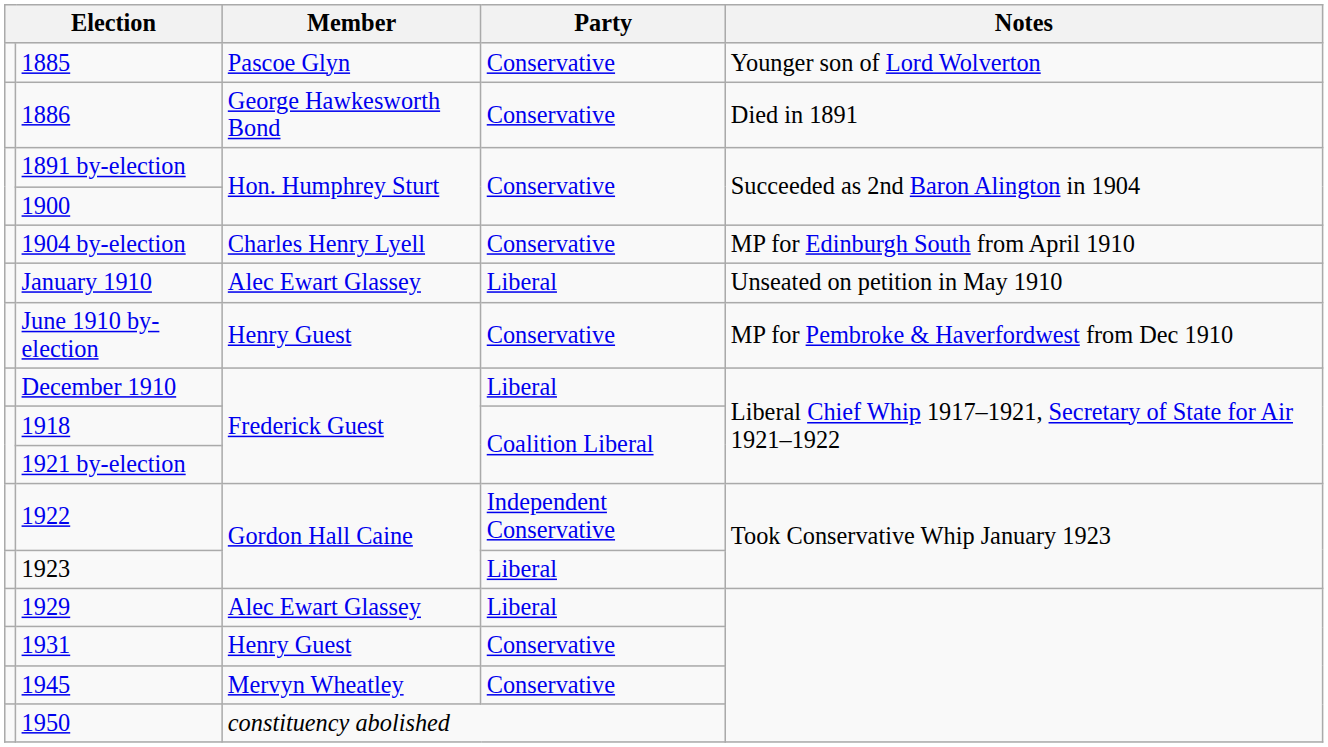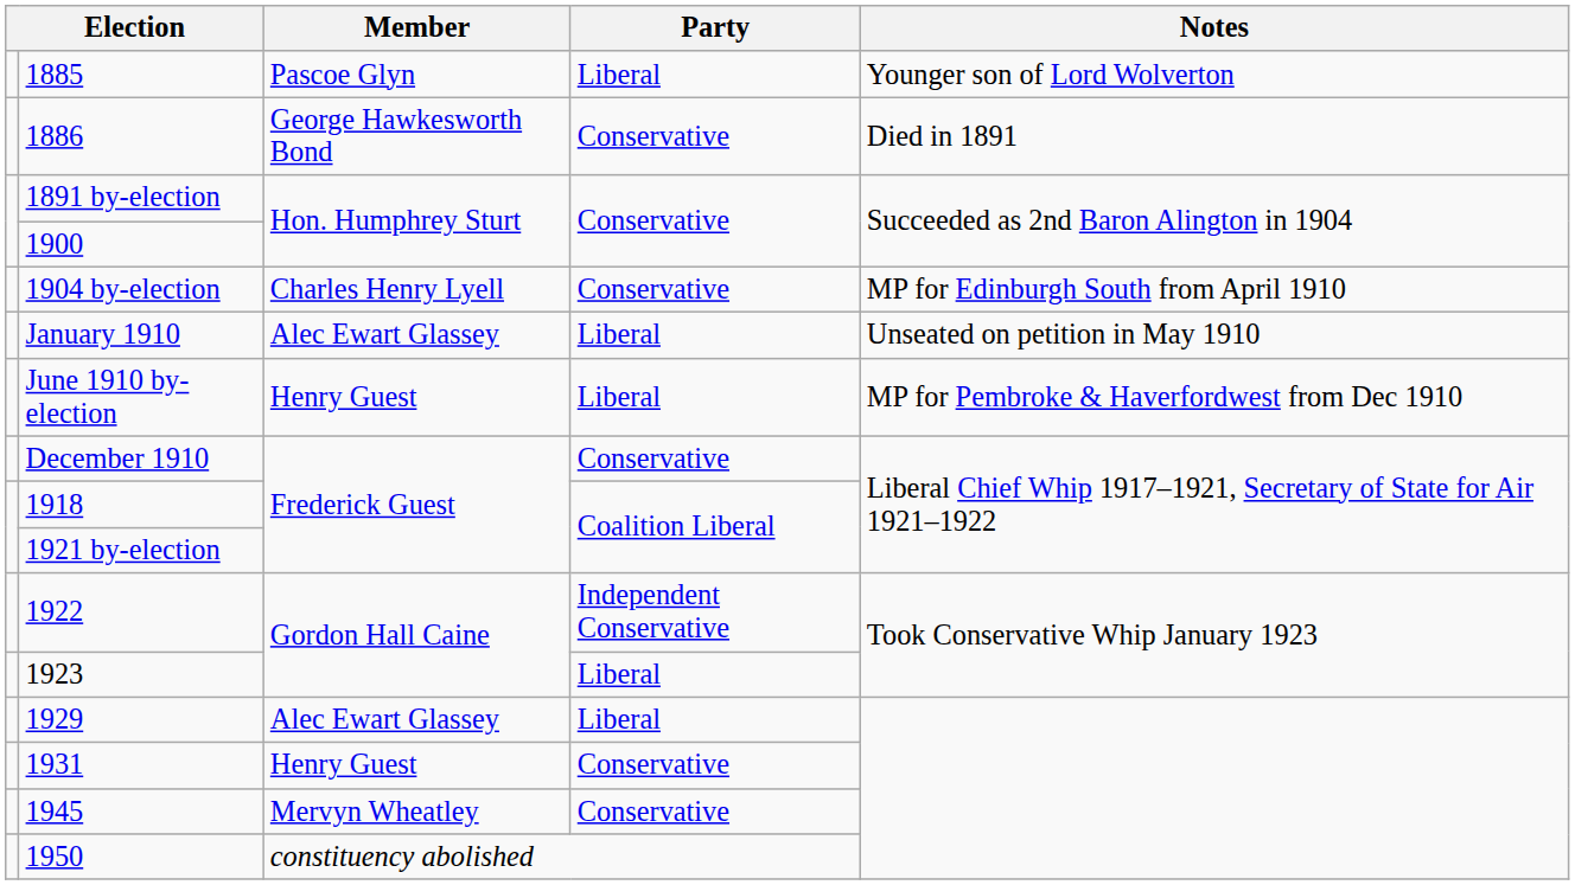 <table class="wikitable">
 <tr>
 <th colspan="2">Election</th>
 <th>Member</th>
 <th>Party</th>
 <th>Notes</th>
 </tr>
 <tr>
 <td style="color:inherit;background-color: "></td>
 <td><a href='#'>1885</a></td>
 <td><a href='#'>Pascoe Glyn</a></td>
-<td><a href='#'>Conservative</a></td>
+<td><a href='#'>Liberal</a></td>
 <td>Younger son of <a href='#'>Lord Wolverton</a></td>
 </tr>
 <tr>
 <td style="color:inherit;background-color: "></td>
 <td><a href='#'>1886</a></td>
 <td><a href='#'>George Hawkesworth Bond</a></td>
 <td><a href='#'>Conservative</a></td>
 <td>Died in 1891</td>
 </tr>
 <tr>
 <td rowspan="2" style="color:inherit;background-color: "></td>
 <td><a href='#'>1891 by-election</a></td>
 <td rowspan="2"><a href='#'>Hon. Humphrey Sturt</a></td>
 <td rowspan="2"><a href='#'>Conservative</a></td>
 <td rowspan="2">Succeeded as 2nd <a href='#'>Baron Alington</a> in 1904</td>
 </tr>
 <tr>
 <td><a href='#'>1900</a></td>
 </tr>
 <tr>
 <td style="color:inherit;background-color: "></td>
 <td><a href='#'>1904 by-election</a></td>
 <td><a href='#'>Charles Henry Lyell</a></td>
 <td><a href='#'>Conservative</a></td>
 <td>MP for <a href='#'>Edinburgh South</a> from April 1910</td>
 </tr>
 <tr>
 <td style="color:inherit;background-color: "></td>
 <td><a href='#'>January 1910</a></td>
 <td><a href='#'>Alec Ewart Glassey</a></td>
 <td><a href='#'>Liberal</a></td>
 <td>Unseated on petition in May 1910</td>
 </tr>
 <tr>
 <td style="color:inherit;background-color: "></td>
 <td><a href='#'>June 1910 by-election</a></td>
 <td><a href='#'>Henry Guest</a></td>
-<td><a href='#'>Conservative</a></td>
+<td><a href='#'>Liberal</a></td>
 <td>MP for <a href='#'>Pembroke & Haverfordwest</a> from Dec 1910</td>
 </tr>
 <tr>
 <td style="color:inherit;background-color: "></td>
 <td><a href='#'>December 1910</a></td>
 <td rowspan="3"><a href='#'>Frederick Guest</a></td>
-<td><a href='#'>Liberal</a></td>
+<td><a href='#'>Conservative</a></td>
 <td rowspan="3">Liberal <a href='#'>Chief Whip</a> 1917–1921, <a href='#'>Secretary of State for Air</a> 1921–1922</td>
 </tr>
 <tr>
 <td rowspan="2" style="color:inherit;background-color: "></td>
 <td><a href='#'>1918</a></td>
 <td rowspan="2"><a href='#'>Coalition Liberal</a></td>
 </tr>
 <tr>
 <td><a href='#'>1921 by-election</a></td>
 </tr>
 <tr>
 <td style="color:inherit;background-color: "></td>
 <td><a href='#'>1922</a></td>
 <td rowspan="2"><a href='#'>Gordon Hall Caine</a></td>
 <td><a href='#'>Independent Conservative</a></td>
 <td rowspan="2">Took Conservative Whip January 1923</td>
 </tr>
 <tr>
 <td style="color:inherit;background-color: "></td>
 <td>1923</td>
 <td><a href='#'>Liberal</a></td>
 </tr>
 <tr>
 <td style="color:inherit;background-color: "></td>
 <td><a href='#'>1929</a></td>
 <td><a href='#'>Alec Ewart Glassey</a></td>
 <td><a href='#'>Liberal</a></td>
 </tr>
 <tr>
 <td style="color:inherit;background-color: "></td>
 <td><a href='#'>1931</a></td>
 <td><a href='#'>Henry Guest</a></td>
 <td><a href='#'>Conservative</a></td>
 </tr>
 <tr>
 <td style="color:inherit;background-color: "></td>
 <td><a href='#'>1945</a></td>
 <td><a href='#'>Mervyn Wheatley</a></td>
 <td><a href='#'>Conservative</a></td>
 </tr>
 <tr>
 <td></td>
 <td><a href='#'>1950</a></td>
 <td colspan="2"><em>constituency abolished</em></td>
 </tr>
 </table>
